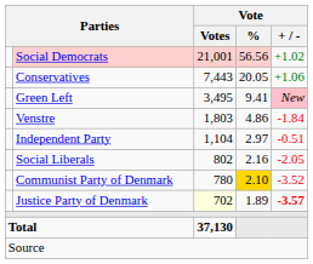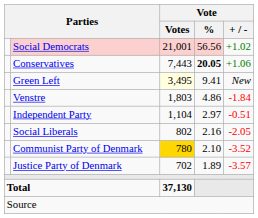 <table class="wikitable" style="text-align:right;">
 <tr>
 <th style="text-align:centre;" rowspan="2" colspan="2" width="225">Parties</th>
 <th colspan="3">Vote</th>
 </tr>
 <tr>
 <th width="15">Votes</th>
 <th width="15">%</th>
 <th width="15">+ / -</th>
 </tr>
 <tr>
 <td width="2" style="color:inherit;background:"></td>
 <td bgcolor=#fbd0ce  align="left"><a href='#'>Social Democrats</a></td>
 <td bgcolor=#fbd0ce>21,001</td>
 <td bgcolor=#fbd0ce>56.56</td>
 <td style=color:green;>+1.02</td>
 </tr>
 <tr>
 <td width="2" style="color:inherit;background:"></td>
 <td align="left"><a href='#'>Conservatives</a></td>
 <td>7,443</td>
-<td>20.05</td>
+<td><strong>20.05</strong></td>
 <td style=color:green;>+1.06</td>
 </tr>
 <tr>
 <td width="2" style="color:inherit;background:"></td>
 <td align="left"><a href='#'>Green Left</a></td>
-<td>3,495</td>
+<td style="background: lightyellow;">3,495</td>
 <td>9.41</td>
-<td style="background: pink;"><em>New</em></td>
+<td><em>New</em></td>
 </tr>
 <tr>
 <td width="2" style="color:inherit;background:"></td>
 <td align="left"><a href='#'>Venstre</a></td>
 <td>1,803</td>
 <td>4.86</td>
 <td style=color:red;>-1.84</td>
 </tr>
 <tr>
 <td width="2" style="color:inherit;background:"></td>
 <td align="left"><a href='#'>Independent Party</a></td>
 <td>1,104</td>
 <td>2.97</td>
 <td style=color:red;>-0.51</td>
 </tr>
 <tr>
 <td width="2" style="color:inherit;background:"></td>
 <td align="left"><a href='#'>Social Liberals</a></td>
 <td>802</td>
 <td>2.16</td>
 <td style=color:red;>-2.05</td>
 </tr>
 <tr>
 <td width="2" style="color:inherit;background:"></td>
 <td align="left"><a href='#'>Communist Party of Denmark</a></td>
-<td>780</td>
-<td style="background: gold;">2.10</td>
+<td style="background: gold;">780</td>
+<td>2.10</td>
 <td style=color:red;>-3.52</td>
 </tr>
 <tr>
 <td width="2" style="color:inherit;background:"></td>
 <td align="left"><a href='#'>Justice Party of Denmark</a></td>
-<td style="background: lightyellow;">702</td>
+<td>702</td>
 <td>1.89</td>
-<td style=color:red;><strong>-3.57</strong></td>
+<td style=color:red;>-3.57</td>
 </tr>
 <tr>
 <td colspan="7" bgcolor="#E9E9E9"></td>
 </tr>
 <tr>
 <td align="left" colspan="2"><strong>Total</strong></td>
 <td><strong>37,130</strong></td>
 <td bgcolor="#E9E9E9" colspan="2"></td>
 </tr>
 <tr>
 <td align="left" colspan="6">Source</td>
 </tr>
 </table>
